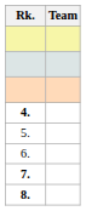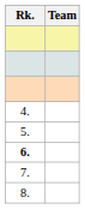 <table class="wikitable" style="border:1px solid #AAAAAA;font-size:90%">
 <tr bgcolor="#E4E4E4">
 <th style="border-bottom:1px solid #AAAAAA" width=40>Rk.</th>
 <th style="border-bottom:1px solid #AAAAAA">Team</th>
 </tr>
 <tr bgcolor="#F7F6A8">
 <td align="center" style="height:23px"></td>
 <td><strong></strong></td>
 </tr>
 <tr bgcolor="#DCE5E5">
 <td align="center" style="height:23px"></td>
 <td></td>
 </tr>
 <tr bgcolor="#FFDAB9">
 <td align="center" style="height:23px"></td>
 <td></td>
 </tr>
 <tr style="background:#ffffff;">
-<td align="center"><strong>4.</strong></td>
+<td align="center">4.</td>
 <td></td>
 </tr>
 <tr style="background:#ffffff;">
 <td align="center">5.</td>
 <td></td>
 </tr>
 <tr style="background:#ffffff;">
-<td align="center">6.</td>
+<td align="center"><strong>6.</strong></td>
 <td></td>
 </tr>
 <tr style="background:#ffffff;">
-<td align="center"><strong>7.</strong></td>
+<td align="center">7.</td>
 <td></td>
 </tr>
 <tr style="background:#ffffff;">
-<td align="center"><strong>8.</strong></td>
+<td align="center">8.</td>
 <td></td>
 </tr>
 </table>
